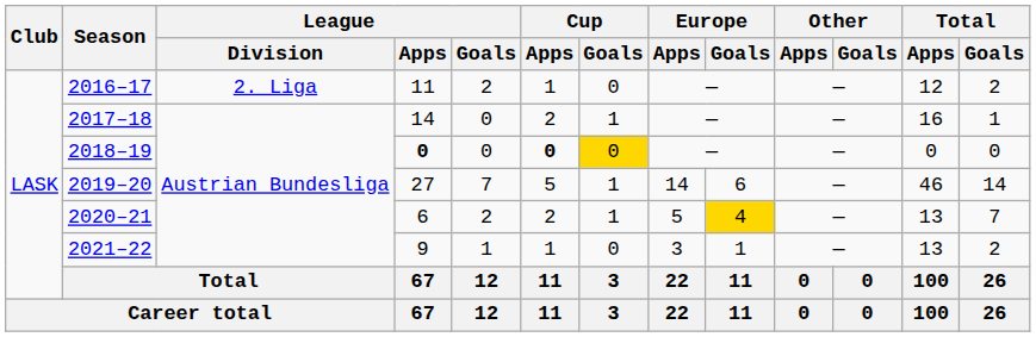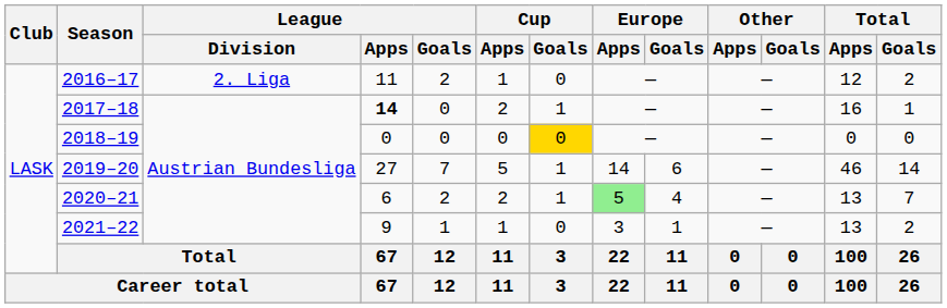 <table class="wikitable" style="text-align:center">
 <tr>
 <th rowspan="2">Club</th>
 <th rowspan="2">Season</th>
 <th colspan="3">League</th>
 <th colspan="2">Cup</th>
 <th colspan="2">Europe</th>
 <th colspan="2">Other</th>
 <th colspan="2">Total</th>
 </tr>
 <tr>
 <th>Division</th>
 <th>Apps</th>
 <th>Goals</th>
 <th>Apps</th>
 <th>Goals</th>
 <th>Apps</th>
 <th>Goals</th>
 <th>Apps</th>
 <th>Goals</th>
 <th>Apps</th>
 <th>Goals</th>
 </tr>
 <tr>
 <td rowspan="7"><a href='#'>LASK</a></td>
 <td><a href='#'>2016–17</a></td>
 <td><a href='#'>2. Liga</a></td>
 <td>11</td>
 <td>2</td>
 <td>1</td>
 <td>0</td>
 <td colspan="2">—</td>
 <td colspan="2">—</td>
 <td>12</td>
 <td>2</td>
 </tr>
 <tr>
 <td><a href='#'>2017–18</a></td>
 <td rowspan="5"><a href='#'>Austrian Bundesliga</a></td>
-<td>14</td>
+<td><strong>14</strong></td>
 <td>0</td>
 <td>2</td>
 <td>1</td>
 <td colspan="2">—</td>
 <td colspan="2">—</td>
 <td>16</td>
 <td>1</td>
 </tr>
 <tr>
 <td><a href='#'>2018–19</a></td>
-<td><strong>0</strong></td>
 <td>0</td>
-<td><strong>0</strong></td>
+<td>0</td>
+<td>0</td>
 <td style="background: gold;">0</td>
 <td colspan="2">—</td>
 <td colspan="2">—</td>
 <td>0</td>
 <td>0</td>
 </tr>
 <tr>
 <td><a href='#'>2019–20</a></td>
 <td>27</td>
 <td>7</td>
 <td>5</td>
 <td>1</td>
 <td>14</td>
 <td>6</td>
 <td colspan="2">—</td>
 <td>46</td>
 <td>14</td>
 </tr>
 <tr>
 <td><a href='#'>2020–21</a></td>
 <td>6</td>
 <td>2</td>
 <td>2</td>
 <td>1</td>
-<td>5</td>
-<td style="background: gold;">4</td>
+<td style="background: lightgreen;">5</td>
+<td>4</td>
 <td colspan="2">—</td>
 <td>13</td>
 <td>7</td>
 </tr>
 <tr>
 <td><a href='#'>2021–22</a></td>
 <td>9</td>
 <td>1</td>
 <td>1</td>
 <td>0</td>
 <td>3</td>
 <td>1</td>
 <td colspan="2">—</td>
 <td>13</td>
 <td>2</td>
 </tr>
 <tr>
 <th colspan="2">Total</th>
 <th>67</th>
 <th>12</th>
 <th>11</th>
 <th>3</th>
 <th>22</th>
 <th>11</th>
 <th>0</th>
 <th>0</th>
 <th>100</th>
 <th>26</th>
 </tr>
 <tr>
 <th colspan="3">Career total</th>
 <th>67</th>
 <th>12</th>
 <th>11</th>
 <th>3</th>
 <th>22</th>
 <th>11</th>
 <th>0</th>
 <th>0</th>
 <th>100</th>
 <th>26</th>
 </tr>
 </table>
